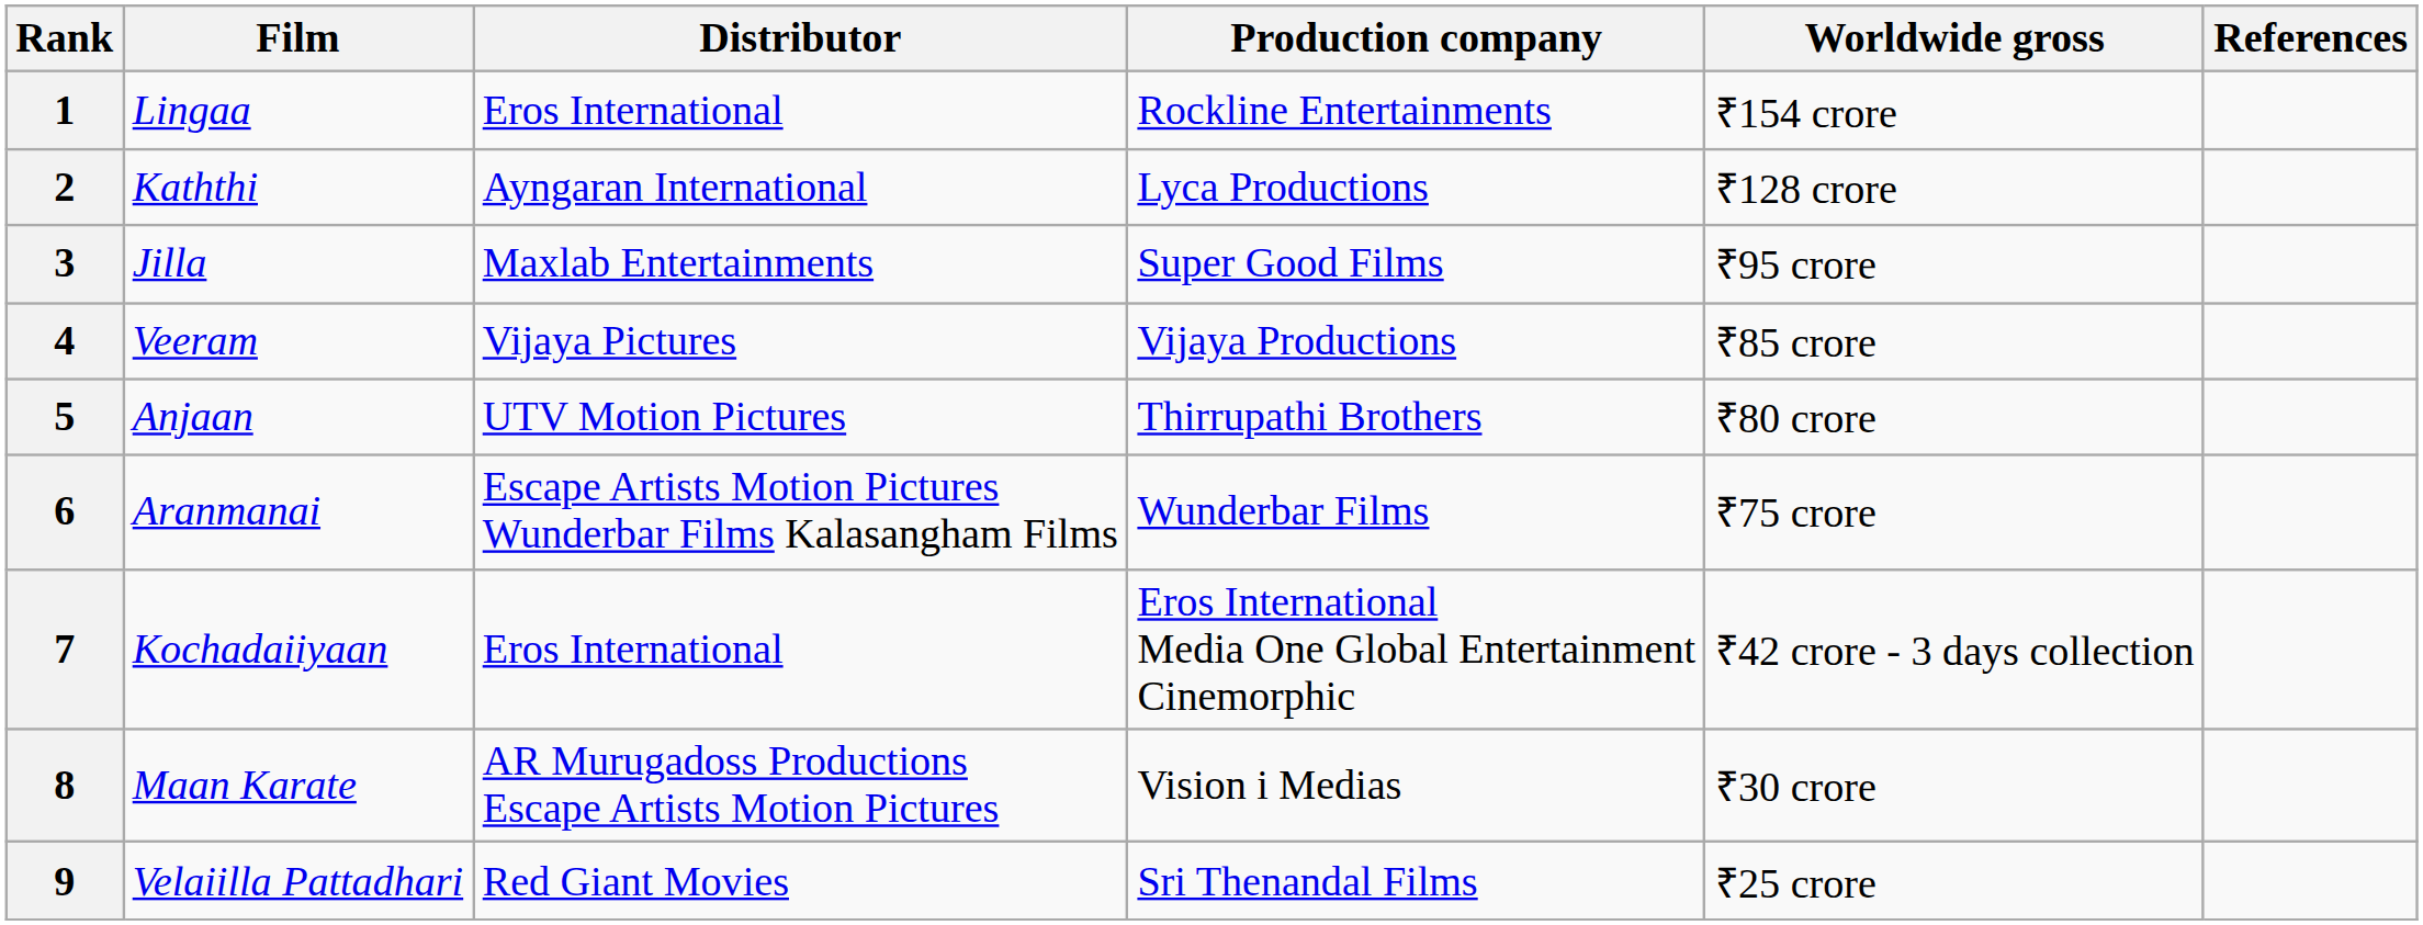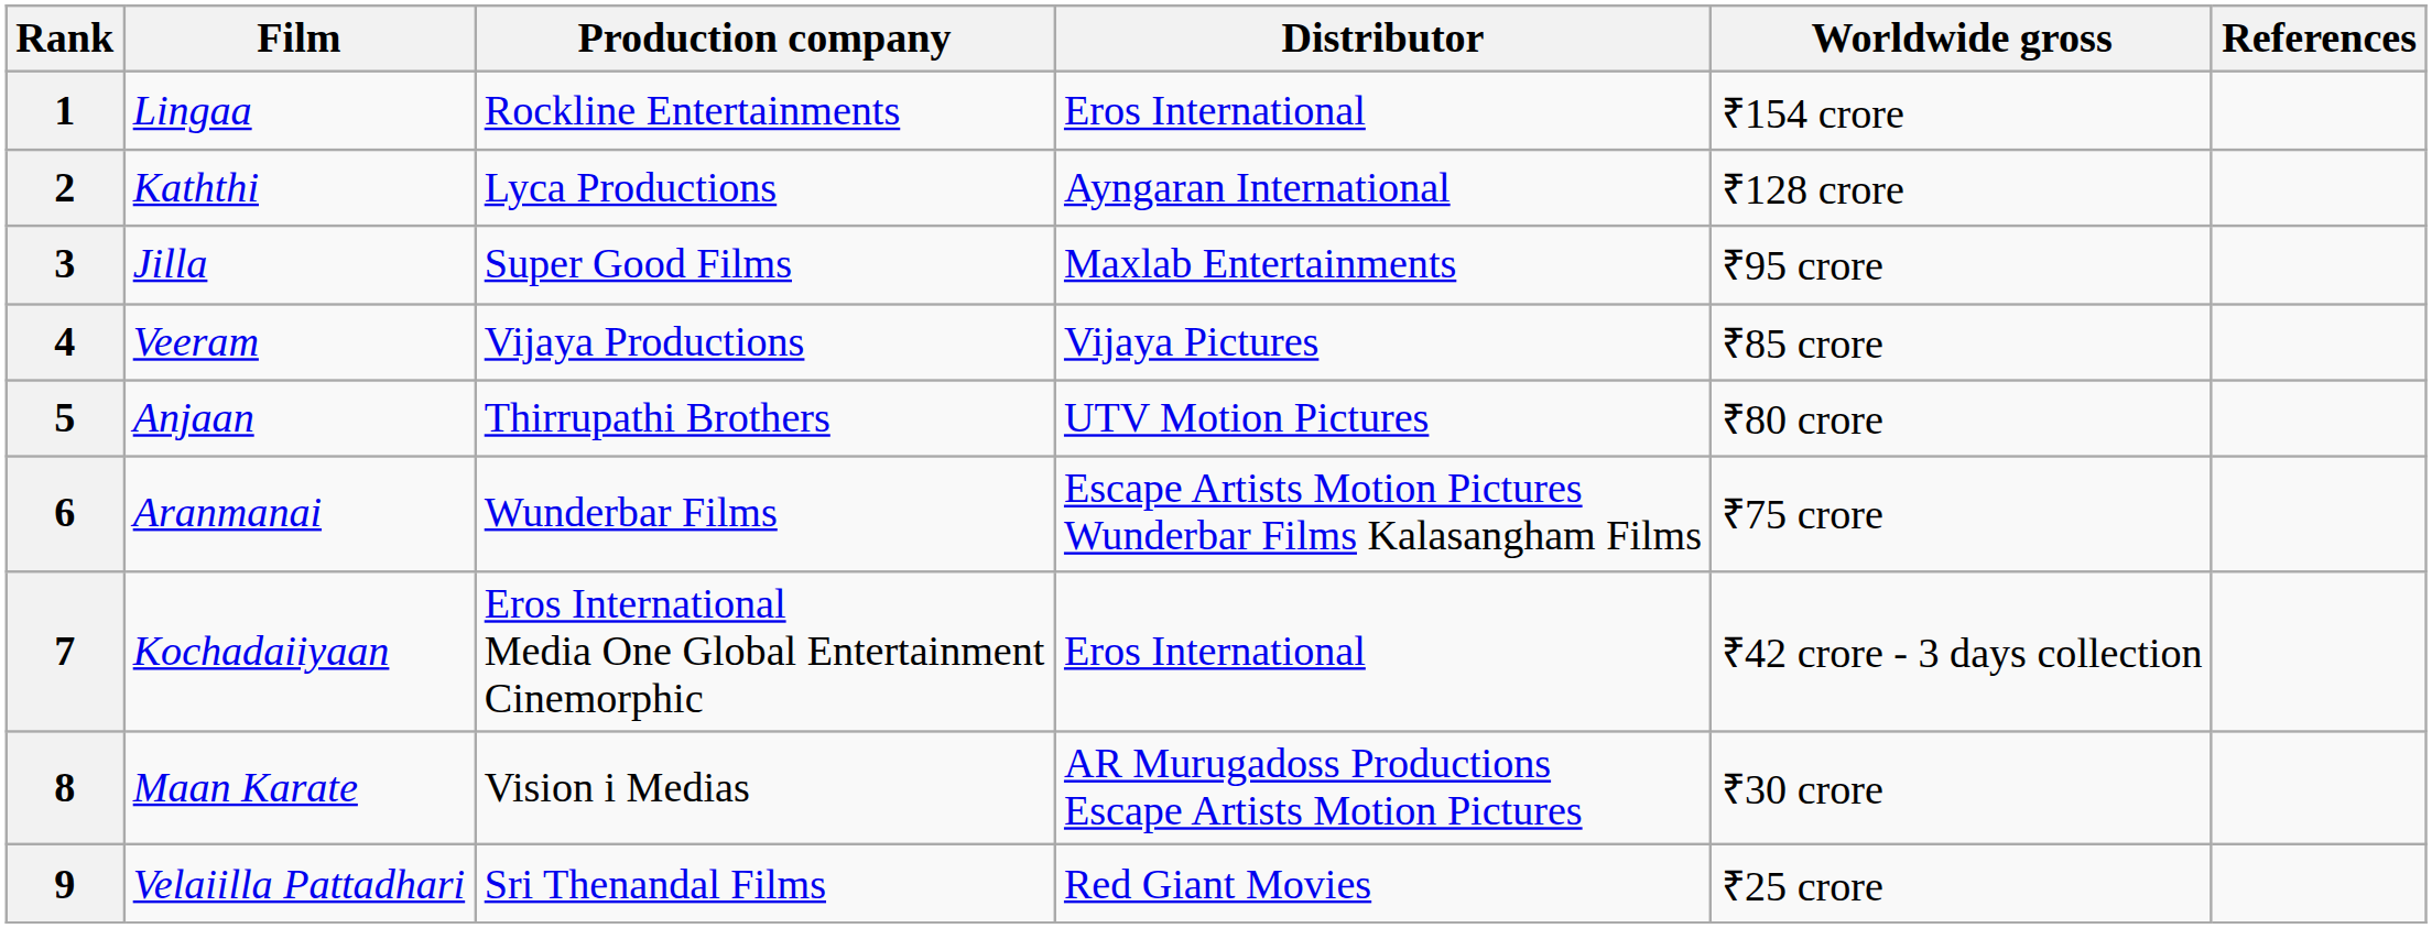 <table class="wikitable sortable" style="margin:auto; margin:auto;">
 <tr>
 <th>Rank</th>
 <th>Film</th>
+<th>Production company</th>
 <th>Distributor</th>
-<th>Production company</th>
 <th>Worldwide gross</th>
 <th>References</th>
 </tr>
 <tr>
 <th>1</th>
 <td><em><a href='#'>Lingaa</a></em></td>
+<td><a href='#'>Rockline Entertainments</a></td>
 <td><a href='#'>Eros International</a></td>
-<td><a href='#'>Rockline Entertainments</a></td>
 <td>₹154 crore</td>
 <td></td>
 </tr>
 <tr>
 <th>2</th>
 <td><em><a href='#'>Kaththi</a></em></td>
+<td><a href='#'>Lyca Productions</a></td>
 <td><a href='#'>Ayngaran International</a></td>
-<td><a href='#'>Lyca Productions</a></td>
 <td>₹128 crore</td>
 <td></td>
 </tr>
 <tr>
 <th>3</th>
 <td><em><a href='#'>Jilla</a></em></td>
+<td><a href='#'>Super Good Films</a></td>
 <td><a href='#'>Maxlab Entertainments</a></td>
-<td><a href='#'>Super Good Films</a></td>
 <td>₹95 crore</td>
 <td></td>
 </tr>
 <tr>
 <th>4</th>
 <td><em><a href='#'>Veeram</a></em></td>
+<td><a href='#'>Vijaya Productions</a></td>
 <td><a href='#'>Vijaya Pictures</a></td>
-<td><a href='#'>Vijaya Productions</a></td>
 <td>₹85 crore</td>
 <td></td>
 </tr>
 <tr>
 <th>5</th>
 <td><em><a href='#'>Anjaan</a></em></td>
+<td><a href='#'>Thirrupathi Brothers</a></td>
 <td><a href='#'>UTV Motion Pictures</a></td>
-<td><a href='#'>Thirrupathi Brothers</a></td>
 <td>₹80 crore</td>
 <td></td>
 </tr>
 <tr>
 <th>6</th>
 <td><em><a href='#'>Aranmanai</a></em></td>
+<td><a href='#'>Wunderbar Films</a></td>
 <td><a href='#'>Escape Artists Motion Pictures</a><br><a href='#'>Wunderbar Films</a> Kalasangham Films</td>
-<td><a href='#'>Wunderbar Films</a></td>
 <td>₹75 crore</td>
 <td></td>
 </tr>
 <tr>
 <th>7</th>
 <td><em><a href='#'>Kochadaiiyaan</a></em></td>
+<td><a href='#'>Eros International </a><br>Media One Global Entertainment<br>Cinemorphic</td>
 <td><a href='#'>Eros International</a></td>
-<td><a href='#'>Eros International </a><br>Media One Global Entertainment<br>Cinemorphic</td>
 <td>₹42 crore - 3 days collection</td>
 <td></td>
 </tr>
 <tr>
 <th>8</th>
 <td><em><a href='#'>Maan Karate</a></em></td>
+<td>Vision i Medias</td>
 <td><a href='#'>AR Murugadoss Productions</a><br><a href='#'>Escape Artists Motion Pictures</a></td>
-<td>Vision i Medias</td>
 <td>₹30 crore</td>
 <td></td>
 </tr>
 <tr>
 <th>9</th>
 <td><em><a href='#'>Velaiilla Pattadhari</a></em></td>
+<td><a href='#'>Sri Thenandal Films</a></td>
 <td><a href='#'>Red Giant Movies</a></td>
-<td><a href='#'>Sri Thenandal Films</a></td>
 <td>₹25 crore</td>
 <td></td>
 </tr>
 </table>
